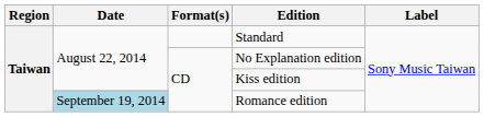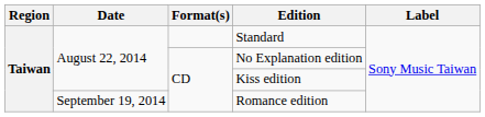 <table class="wikitable plainrowheaders">
 <tr>
 <th>Region</th>
 <th>Date</th>
 <th>Format(s)</th>
 <th>Edition</th>
 <th>Label</th>
 </tr>
 <tr>
 <th scope="row" rowspan="4">Taiwan</th>
 <td rowspan="3">August 22, 2014</td>
 <td></td>
 <td>Standard</td>
 <td rowspan="4"><a href='#'>Sony Music Taiwan</a></td>
 </tr>
 <tr>
 <td rowspan="3">CD</td>
 <td>No Explanation edition</td>
 </tr>
 <tr>
 <td>Kiss edition</td>
 </tr>
 <tr>
-<td style="background: lightblue;">September 19, 2014</td>
+<td>September 19, 2014</td>
 <td>Romance edition</td>
 </tr>
 </table>
